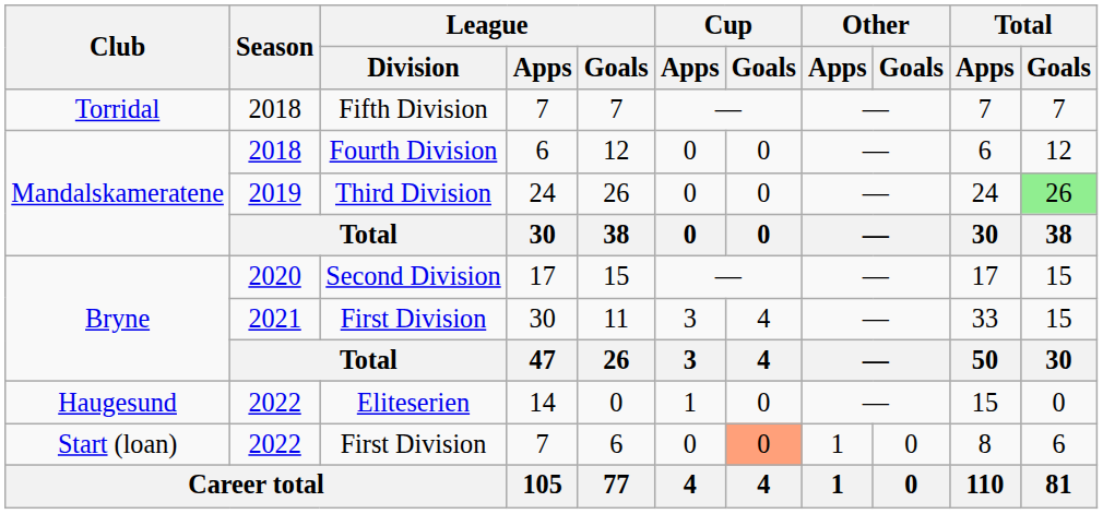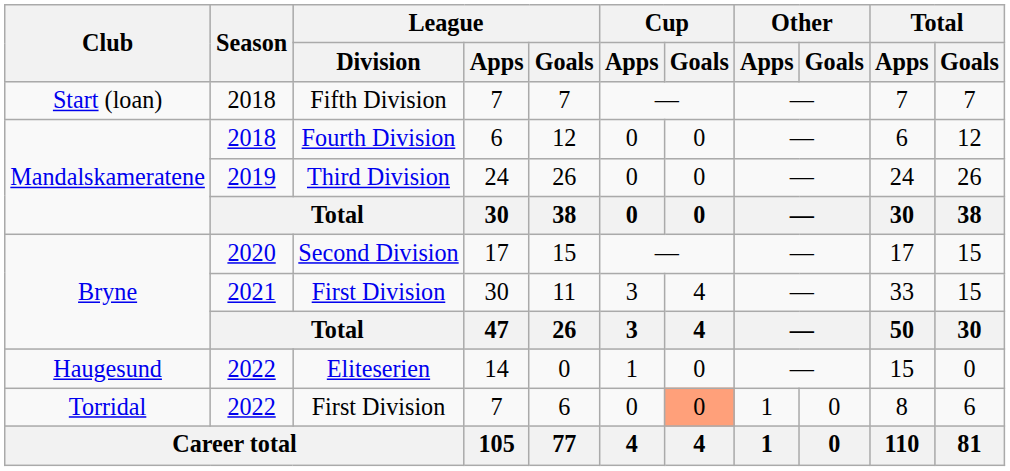 <table class="wikitable" style="text-align:center">
 <tr>
 <th rowspan="2">Club</th>
 <th rowspan="2">Season</th>
 <th colspan="3">League</th>
 <th colspan="2">Cup</th>
 <th colspan="2">Other</th>
 <th colspan="2">Total</th>
 </tr>
 <tr>
 <th>Division</th>
 <th>Apps</th>
 <th>Goals</th>
 <th>Apps</th>
 <th>Goals</th>
 <th>Apps</th>
 <th>Goals</th>
 <th>Apps</th>
 <th>Goals</th>
 </tr>
 <tr>
-<td><a href='#'>Torridal</a></td>
+<td><a href='#'>Start</a> (loan)</td>
 <td>2018</td>
 <td>Fifth Division</td>
 <td>7</td>
 <td>7</td>
 <td colspan="2">—</td>
 <td colspan="2">—</td>
 <td>7</td>
 <td>7</td>
 </tr>
 <tr>
 <td rowspan="3"><a href='#'>Mandalskameratene</a></td>
 <td><a href='#'>2018</a></td>
 <td><a href='#'>Fourth Division</a></td>
 <td>6</td>
 <td>12</td>
 <td>0</td>
 <td>0</td>
 <td colspan="2">—</td>
 <td>6</td>
 <td>12</td>
 </tr>
 <tr>
 <td><a href='#'>2019</a></td>
 <td><a href='#'>Third Division</a></td>
 <td>24</td>
 <td>26</td>
 <td>0</td>
 <td>0</td>
 <td colspan="2">—</td>
 <td>24</td>
-<td style="background: lightgreen;">26</td>
+<td>26</td>
 </tr>
 <tr>
 <th colspan="2">Total</th>
 <th>30</th>
 <th>38</th>
 <th>0</th>
 <th>0</th>
 <th colspan="2">—</th>
 <th>30</th>
 <th>38</th>
 </tr>
 <tr>
 <td rowspan="3"><a href='#'>Bryne</a></td>
 <td><a href='#'>2020</a></td>
 <td><a href='#'>Second Division</a></td>
 <td>17</td>
 <td>15</td>
 <td colspan="2">—</td>
 <td colspan="2">—</td>
 <td>17</td>
 <td>15</td>
 </tr>
 <tr>
 <td><a href='#'>2021</a></td>
 <td><a href='#'>First Division</a></td>
 <td>30</td>
 <td>11</td>
 <td>3</td>
 <td>4</td>
 <td colspan="2">—</td>
 <td>33</td>
 <td>15</td>
 </tr>
 <tr>
 <th colspan="2">Total</th>
 <th>47</th>
 <th>26</th>
 <th>3</th>
 <th>4</th>
 <th colspan="2">—</th>
 <th>50</th>
 <th>30</th>
 </tr>
 <tr>
 <td><a href='#'>Haugesund</a></td>
 <td><a href='#'>2022</a></td>
 <td><a href='#'>Eliteserien</a></td>
 <td>14</td>
 <td>0</td>
 <td>1</td>
 <td>0</td>
 <td colspan="2">—</td>
 <td>15</td>
 <td>0</td>
 </tr>
 <tr>
-<td><a href='#'>Start</a> (loan)</td>
+<td><a href='#'>Torridal</a></td>
 <td><a href='#'>2022</a></td>
 <td>First Division</td>
 <td>7</td>
 <td>6</td>
 <td>0</td>
 <td style="background: lightsalmon;">0</td>
 <td>1</td>
 <td>0</td>
 <td>8</td>
 <td>6</td>
 </tr>
 <tr>
 <th colspan="3">Career total</th>
 <th>105</th>
 <th>77</th>
 <th>4</th>
 <th>4</th>
 <th>1</th>
 <th>0</th>
 <th>110</th>
 <th>81</th>
 </tr>
 </table>
